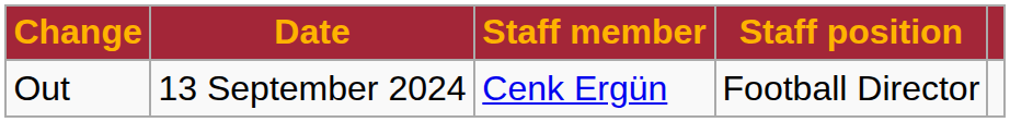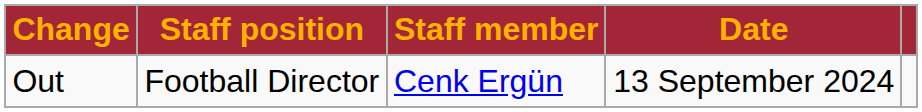 <table class="wikitable plainrowheaders sortable">
 <tr>
 <th style="background:#A32638; color:#FFB300; ">Change</th>
+<th style="background:#A32638; color:#FFB300; ">Staff position</th>
+<th style="background:#A32638; color:#FFB300; ">Staff member</th>
 <th style="background:#A32638; color:#FFB300; ">Date</th>
-<th style="background:#A32638; color:#FFB300; ">Staff member</th>
-<th style="background:#A32638; color:#FFB300; ">Staff position</th>
 <th style="background:#A32638; color:#FFB300; "></th>
 </tr>
 <tr>
 <td>Out</td>
+<td>Football Director</td>
+<td> <a href='#'>Cenk Ergün</a></td>
 <td>13 September 2024</td>
-<td> <a href='#'>Cenk Ergün</a></td>
-<td>Football Director</td>
 <td></td>
 </tr>
 </table>
